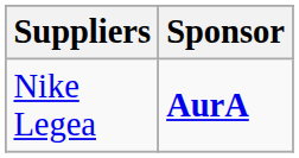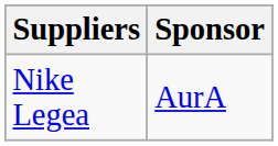 <table class="wikitable">
 <tr>
 <th>Suppliers</th>
 <th>Sponsor</th>
 </tr>
 <tr>
 <td> <a href='#'>Nike</a><br> <a href='#'>Legea</a></td>
-<td><strong> <a href='#'>AurA</a></strong></td>
+<td> <a href='#'>AurA</a></td>
 </tr>
 </table>
